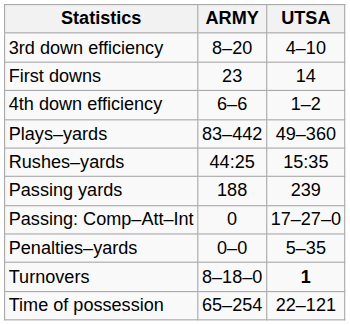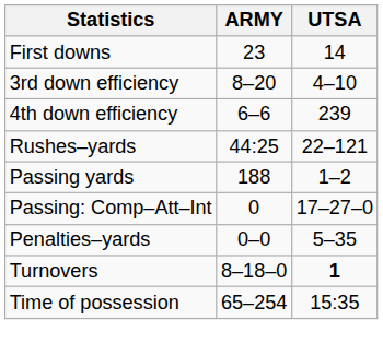 <table class="wikitable">
 <tr>
 <th>Statistics</th>
 <th>ARMY</th>
 <th>UTSA</th>
 </tr>
 <tr>
+<td>First downs</td>
+<td align=center>23</td>
+<td align=center>14</td>
+</tr>
+<tr>
 <td>3rd down efficiency</td>
 <td align=center>8–20</td>
 <td align=center>4–10</td>
 </tr>
 <tr>
-<td>First downs</td>
-<td align=center>23</td>
-<td align=center>14</td>
-</tr>
-<tr>
 <td>4th down efficiency</td>
 <td align=center>6–6</td>
-<td align=center>1–2</td>
-</tr>
-<tr>
-<td>Plays–yards</td>
-<td align=center>83–442</td>
-<td align=center>49–360</td>
+<td align=center>239</td>
 </tr>
 <tr>
 <td>Rushes–yards</td>
 <td align=center>44:25</td>
-<td align=center>15:35</td>
+<td align=center>22–121</td>
 </tr>
 <tr>
 <td>Passing yards</td>
 <td align=center>188</td>
-<td align=center>239</td>
+<td align=center>1–2</td>
 </tr>
 <tr>
 <td>Passing: Comp–Att–Int</td>
 <td align=center>0</td>
 <td align=center>17–27–0</td>
 </tr>
 <tr>
 <td>Penalties–yards</td>
 <td align=center>0–0</td>
 <td align=center>5–35</td>
 </tr>
 <tr>
 <td>Turnovers</td>
 <td align=center>8–18–0</td>
 <td align=center><strong>1</strong></td>
 </tr>
 <tr>
 <td>Time of possession</td>
 <td align=center>65–254</td>
-<td align=center>22–121</td>
+<td align=center>15:35</td>
 </tr>
 </table>
